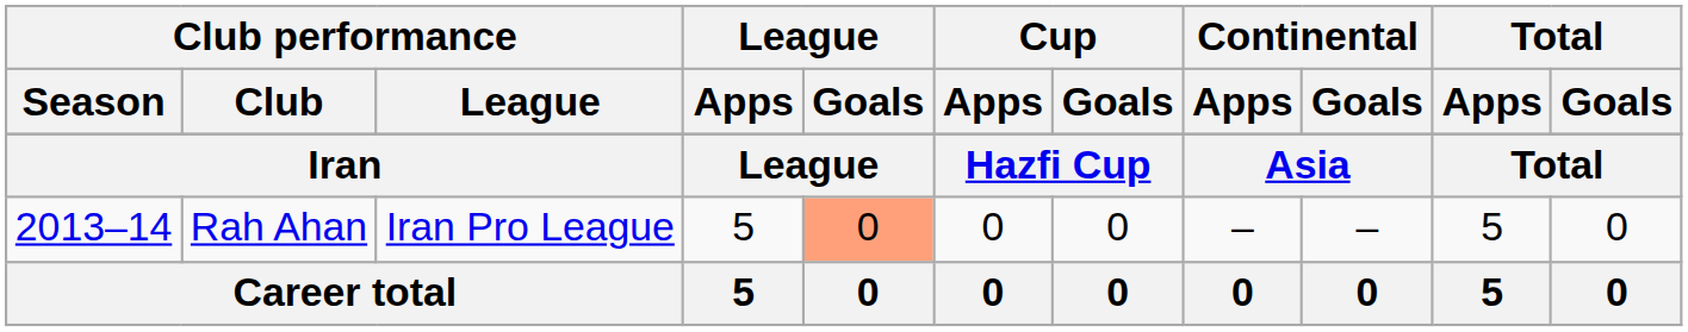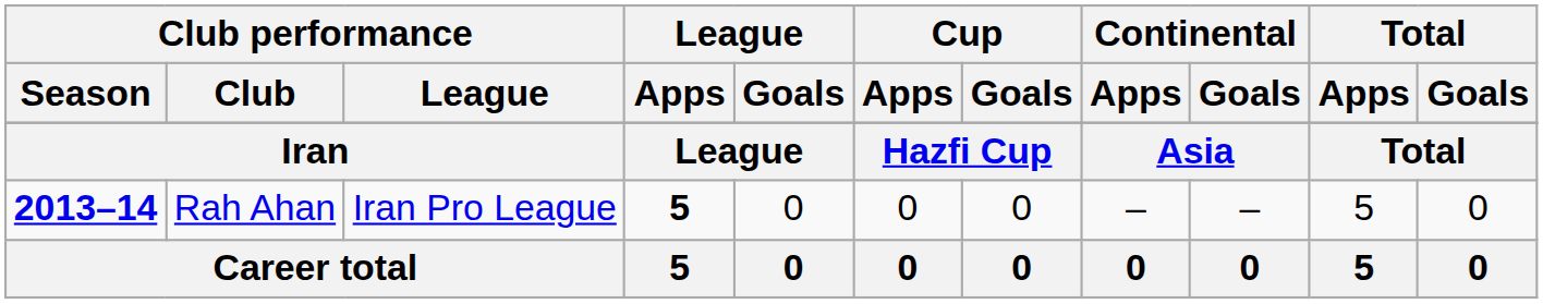 <table class="wikitable" style="text-align:center">
 <tr>
 <th colspan=3>Club performance</th>
 <th colspan=2>League</th>
 <th colspan=2>Cup</th>
 <th colspan=2>Continental</th>
 <th colspan=2>Total</th>
 </tr>
 <tr>
 <th>Season</th>
 <th>Club</th>
 <th>League</th>
 <th>Apps</th>
 <th>Goals</th>
 <th>Apps</th>
 <th>Goals</th>
 <th>Apps</th>
 <th>Goals</th>
 <th>Apps</th>
 <th>Goals</th>
 </tr>
 <tr>
 </tr>
 <tr>
 <th colspan=3>Iran</th>
 <th colspan=2>League</th>
 <th colspan=2><a href='#'>Hazfi Cup</a></th>
 <th colspan=2><a href='#'>Asia</a></th>
 <th colspan=2>Total</th>
 </tr>
 <tr>
-<td><a href='#'>2013–14</a></td>
+<td><strong><a href='#'>2013–14</a></strong></td>
 <td rowspan="1"><a href='#'>Rah Ahan</a></td>
 <td rowspan="1"><a href='#'>Iran Pro League</a></td>
-<td>5</td>
-<td style="background: lightsalmon;">0</td>
+<td><strong>5</strong></td>
+<td>0</td>
 <td>0</td>
 <td>0</td>
 <td>–</td>
 <td>–</td>
 <td>5</td>
 <td>0</td>
 </tr>
 <tr>
 <th colspan=3>Career total</th>
 <th>5</th>
 <th>0</th>
 <th>0</th>
 <th>0</th>
 <th>0</th>
 <th>0</th>
 <th>5</th>
 <th>0</th>
 </tr>
 </table>
